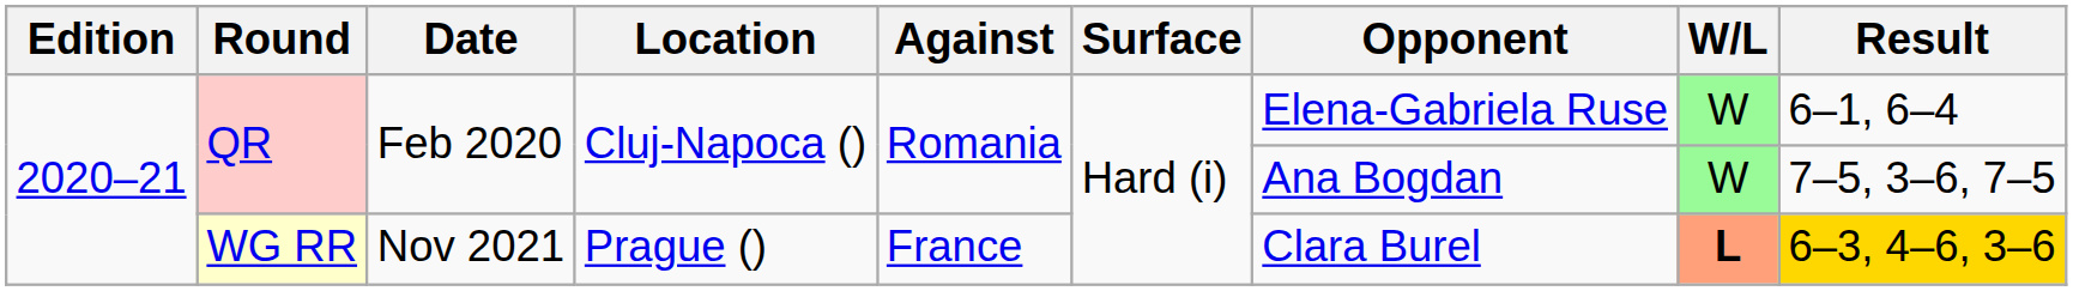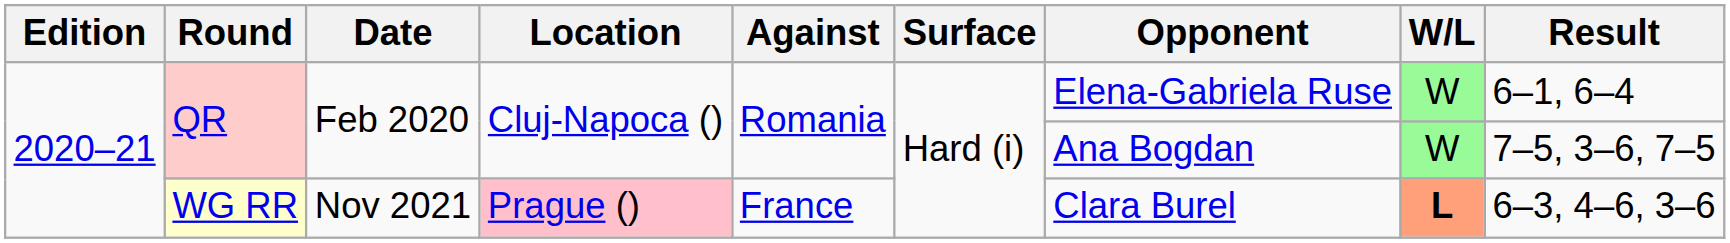 <table class="wikitable">
 <tr>
 <th>Edition</th>
 <th>Round</th>
 <th>Date</th>
 <th>Location</th>
 <th>Against</th>
 <th>Surface</th>
 <th>Opponent</th>
 <th>W/L</th>
 <th>Result</th>
 </tr>
 <tr>
 <td rowspan="3"><a href='#'>2020–21</a></td>
 <td rowspan="2" bgcolor=ffcccc><a href='#'>QR</a></td>
 <td rowspan="2">Feb 2020</td>
 <td rowspan="2"><a href='#'>Cluj-Napoca</a> ()</td>
 <td rowspan="2"> <a href='#'>Romania</a></td>
 <td rowspan="3">Hard (i)</td>
 <td><a href='#'>Elena-Gabriela Ruse</a></td>
 <td align=center bgcolor="98FB98">W</td>
 <td>6–1, 6–4</td>
 </tr>
 <tr>
 <td><a href='#'>Ana Bogdan</a></td>
 <td align=center bgcolor="98FB98">W</td>
 <td>7–5, 3–6, 7–5</td>
 </tr>
 <tr>
 <td bgcolor=ffffcc><a href='#'>WG RR</a></td>
 <td>Nov 2021</td>
-<td><a href='#'>Prague</a> ()</td>
+<td style="background: pink;"><a href='#'>Prague</a> ()</td>
 <td> <a href='#'>France</a></td>
 <td><a href='#'>Clara Burel</a></td>
 <td align=center bgcolor="ffa07a"><strong>L</strong></td>
-<td style="background: gold;">6–3, 4–6, 3–6</td>
+<td>6–3, 4–6, 3–6</td>
 </tr>
 </table>
